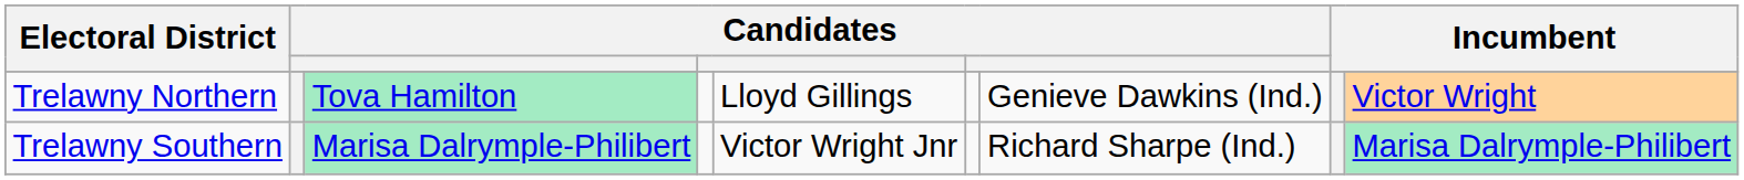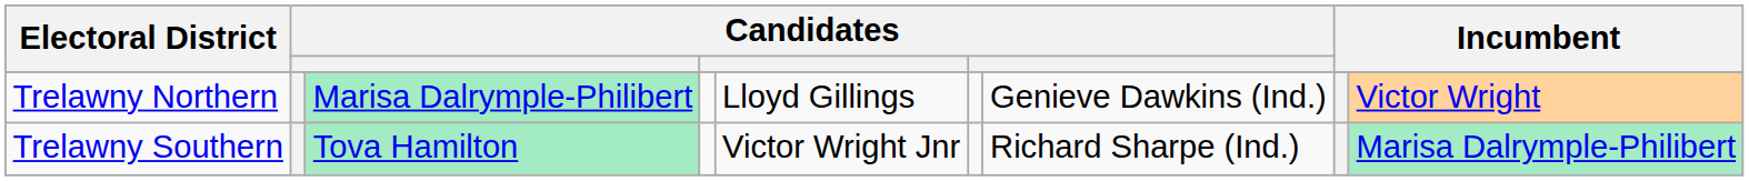 <table class="wikitable">
 <tr>
 <th rowspan="2">Electoral District</th>
 <th colspan="6">Candidates</th>
 <th colspan="2" rowspan="2">Incumbent</th>
 </tr>
 <tr>
 <th colspan="2" style="background:"><a href='#'></a></th>
 <th colspan="2" style="background:"><a href='#'></a></th>
 <th colspan="2" style="background:"></th>
 </tr>
 <tr>
 <td><a href='#'>Trelawny Northern</a></td>
 <th style="background:"></th>
-<td style="background:#a3ebc3"><a href='#'>Tova Hamilton</a></td>
+<td style="background:#a3ebc3"><a href='#'>Marisa Dalrymple-Philibert</a></td>
 <td></td>
 <td>Lloyd Gillings</td>
 <td></td>
 <td>Genieve Dawkins (Ind.)</td>
 <th style="background:"></th>
 <td style="background:#FFD39B"><a href='#'>Victor Wright</a></td>
 </tr>
 <tr>
 <td><a href='#'>Trelawny Southern</a></td>
 <th style="background:"></th>
-<td style="background:#a3ebc3"><a href='#'>Marisa Dalrymple-Philibert</a></td>
+<td style="background:#a3ebc3"><a href='#'>Tova Hamilton</a></td>
 <td></td>
 <td>Victor Wright Jnr</td>
 <td></td>
 <td>Richard Sharpe (Ind.)</td>
 <th style="background:"></th>
 <td style="background:#a3ebc3"><a href='#'>Marisa Dalrymple-Philibert</a></td>
 </tr>
 </table>
